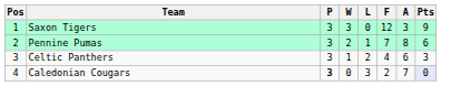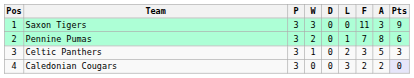 <table class="wikitable" style="text-align:centre;">
 <tr>
 <th width=20>Pos</th>
 <th width=400>Team</th>
 <th width=20>P</th>
 <th width=20>W</th>
+<th width=20>D</th>
 <th width=20>L</th>
 <th width=20>F</th>
 <th width=20>A</th>
 <th width=20>Pts</th>
 </tr>
 <tr align=center style="background: #ADFFD6;">
 <td>1</td>
 <td align="left">Saxon Tigers</td>
 <td>3</td>
 <td>3</td>
 <td>0</td>
-<td>12</td>
+<td>0</td>
+<td>11</td>
 <td>3</td>
 <td>9</td>
 </tr>
 <tr align=center style="background: #ADFFD6;">
 <td>2</td>
 <td align="left">Pennine Pumas</td>
 <td>3</td>
 <td>2</td>
+<td>0</td>
 <td>1</td>
 <td>7</td>
 <td>8</td>
 <td>6</td>
 </tr>
 <tr align=center>
 <td>3</td>
 <td align="left">Celtic Panthers</td>
 <td>3</td>
 <td>1</td>
+<td>0</td>
 <td>2</td>
-<td>4</td>
-<td>6</td>
+<td>3</td>
+<td>5</td>
 <td>3</td>
 </tr>
 <tr align=center>
 <td>4</td>
 <td align="left">Caledonian Cougars</td>
-<td><strong>3</strong></td>
+<td>3</td>
+<td>0</td>
 <td>0</td>
 <td>3</td>
 <td>2</td>
-<td>7</td>
+<td>2</td>
 <td style="background: lavender;">0</td>
 </tr>
 </table>
